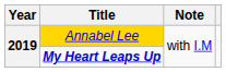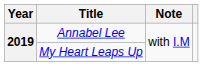 <table class="wikitable sortable plainrowheaders" style="text-align: center;">
 <tr>
 <th scope="col">Year</th>
 <th scope="col">Title</th>
 <th scope="col">Note</th>
 <th scope="col" class="unsortable"></th>
 </tr>
 <tr>
 <th scope="row" rowspan="2">2019</th>
-<td style="background: gold;"><em><a href='#'>Annabel Lee</a></em></td>
+<td><em><a href='#'>Annabel Lee</a></em></td>
 <td rowspan="2">with <a href='#'>I.M</a></td>
 <td rowspan="2"></td>
 </tr>
 <tr>
-<td><strong><em><a href='#'>My Heart Leaps Up</a></em></strong></td>
+<td><em><a href='#'>My Heart Leaps Up</a></em></td>
 </tr>
 </table>
